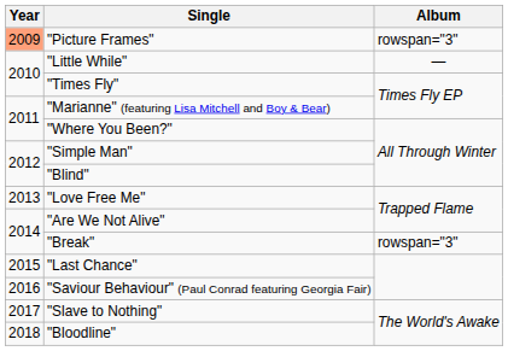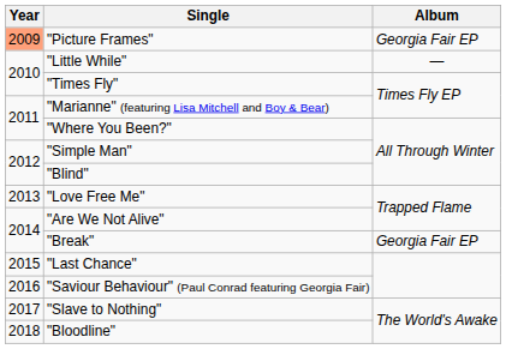 <table class="wikitable">
 <tr>
 <th>Year</th>
 <th>Single</th>
 <th>Album</th>
 </tr>
 <tr>
 <td style="background: lightsalmon;">2009</td>
 <td>"Picture Frames"</td>
-<td>rowspan="3" </td>
+<td><em>Georgia Fair EP</em></td>
 </tr>
 <tr>
 <td rowspan="2">2010</td>
 <td>"Little While"</td>
 <td align="center">—</td>
 </tr>
 <tr>
 <td>"Times Fly"</td>
 <td rowspan="2"><em>Times Fly EP</em></td>
 </tr>
 <tr>
 <td rowspan="2">2011</td>
 <td>"Marianne" <small>(featuring <a href='#'>Lisa Mitchell</a> and <a href='#'>Boy & Bear</a>)</small></td>
 </tr>
 <tr>
 <td>"Where You Been?"</td>
 <td rowspan="3"><em>All Through Winter</em></td>
 </tr>
 <tr>
 <td rowspan="2">2012</td>
 <td>"Simple Man"</td>
 </tr>
 <tr>
 <td>"Blind"</td>
 </tr>
 <tr>
 <td>2013</td>
 <td>"Love Free Me"</td>
 <td rowspan="2"><em>Trapped Flame</em></td>
 </tr>
 <tr>
 <td rowspan="2">2014</td>
 <td>"Are We Not Alive"</td>
 </tr>
 <tr>
 <td>"Break"</td>
-<td>rowspan="3" </td>
+<td><em>Georgia Fair EP</em></td>
 </tr>
 <tr>
 <td>2015</td>
 <td>"Last Chance"</td>
 </tr>
 <tr>
 <td>2016</td>
 <td>"Saviour Behaviour" <small>(Paul Conrad featuring Georgia Fair)</small></td>
 </tr>
 <tr>
 <td>2017</td>
 <td>"Slave to Nothing"</td>
 <td rowspan="2"><em>The World's Awake</em></td>
 </tr>
 <tr>
 <td>2018</td>
 <td>"Bloodline"</td>
 </tr>
 </table>
